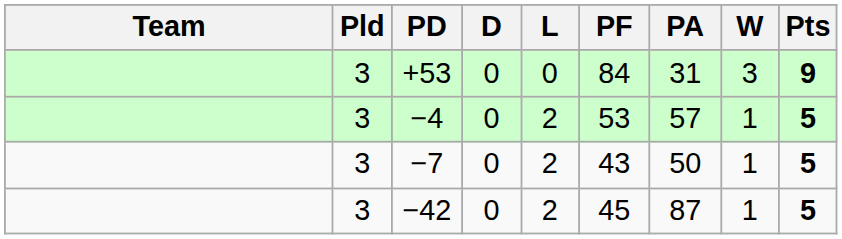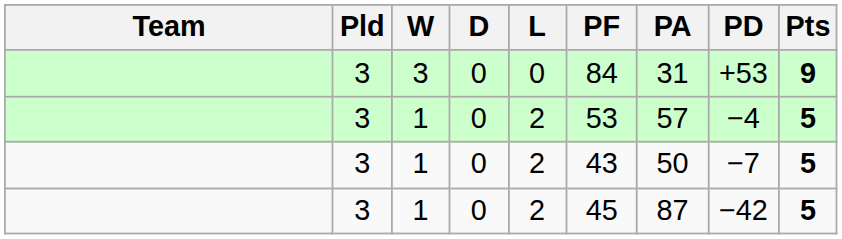 <table class="wikitable" style="text-align:center;">
 <tr>
 <th width=175>Team</th>
 <th width=25 abbr="Played">Pld</th>
-<th width=32 abbr="Points difference">PD</th>
+<th width=25 abbr="Won">W</th>
 <th width=25 abbr="Drawn">D</th>
 <th width=25 abbr="Lost">L</th>
 <th width=32 abbr="Points for">PF</th>
 <th width=32 abbr="Points against">PA</th>
-<th width=25 abbr="Won">W</th>
+<th width=32 abbr="Points difference">PD</th>
 <th width=25 abbr="Points">Pts</th>
 </tr>
 <tr bgcolor="ccffcc">
 <td align="left"></td>
 <td>3</td>
-<td>+53</td>
+<td>3</td>
 <td>0</td>
 <td>0</td>
 <td>84</td>
 <td>31</td>
-<td>3</td>
+<td>+53</td>
 <td><strong>9</strong></td>
 </tr>
 <tr bgcolor="ccffcc">
 <td align="left"></td>
 <td>3</td>
-<td>−4</td>
+<td>1</td>
 <td>0</td>
 <td>2</td>
 <td>53</td>
 <td>57</td>
-<td>1</td>
+<td>−4</td>
 <td><strong>5</strong></td>
 </tr>
 <tr>
 <td align="left"></td>
 <td>3</td>
-<td>−7</td>
+<td>1</td>
 <td>0</td>
 <td>2</td>
 <td>43</td>
 <td>50</td>
-<td>1</td>
+<td>−7</td>
 <td><strong>5</strong></td>
 </tr>
 <tr>
 <td align="left"></td>
 <td>3</td>
-<td>−42</td>
+<td>1</td>
 <td>0</td>
 <td>2</td>
 <td>45</td>
 <td>87</td>
-<td>1</td>
+<td>−42</td>
 <td><strong>5</strong></td>
 </tr>
 </table>
